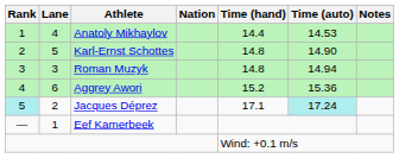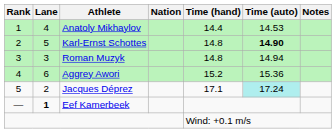 <table class="wikitable sortable" style="text-align:center">
 <tr>
 <th>Rank</th>
 <th>Lane</th>
 <th>Athlete</th>
 <th>Nation</th>
 <th>Time (hand)</th>
 <th>Time (auto)</th>
 <th>Notes</th>
 </tr>
 <tr bgcolor=bbf3bb>
 <td>1</td>
 <td>4</td>
 <td align=left><a href='#'>Anatoly Mikhaylov</a></td>
 <td align=left></td>
 <td>14.4</td>
 <td>14.53</td>
 <td></td>
 </tr>
 <tr bgcolor=bbf3bb>
 <td>2</td>
 <td>5</td>
 <td align=left><a href='#'>Karl-Ernst Schottes</a></td>
 <td align=left></td>
 <td>14.8</td>
-<td>14.90</td>
+<td><strong>14.90</strong></td>
 <td></td>
 </tr>
 <tr bgcolor=bbf3bb>
 <td>3</td>
 <td>3</td>
 <td align=left><a href='#'>Roman Muzyk</a></td>
 <td align=left></td>
 <td>14.8</td>
 <td>14.94</td>
 <td></td>
 </tr>
 <tr bgcolor=bbf3bb>
 <td>4</td>
 <td>6</td>
 <td align=left><a href='#'>Aggrey Awori</a></td>
 <td align=left></td>
 <td>15.2</td>
 <td>15.36</td>
 <td></td>
 </tr>
 <tr>
-<td style="background: paleturquoise;">5</td>
+<td>5</td>
 <td>2</td>
 <td align=left><a href='#'>Jacques Déprez</a></td>
 <td align=left></td>
 <td>17.1</td>
 <td style="background: paleturquoise;">17.24</td>
 <td></td>
 </tr>
 <tr>
 <td data-sort-value=6>—</td>
-<td>1</td>
+<td><strong>1</strong></td>
 <td align=left><a href='#'>Eef Kamerbeek</a></td>
 <td align=left></td>
 <td colspan=2></td>
 <td></td>
 </tr>
 <tr class="sortbottom">
 <td colspan=4></td>
 <td colspan="3" style="text-align:left;">Wind: +0.1 m/s</td>
 </tr>
 </table>
